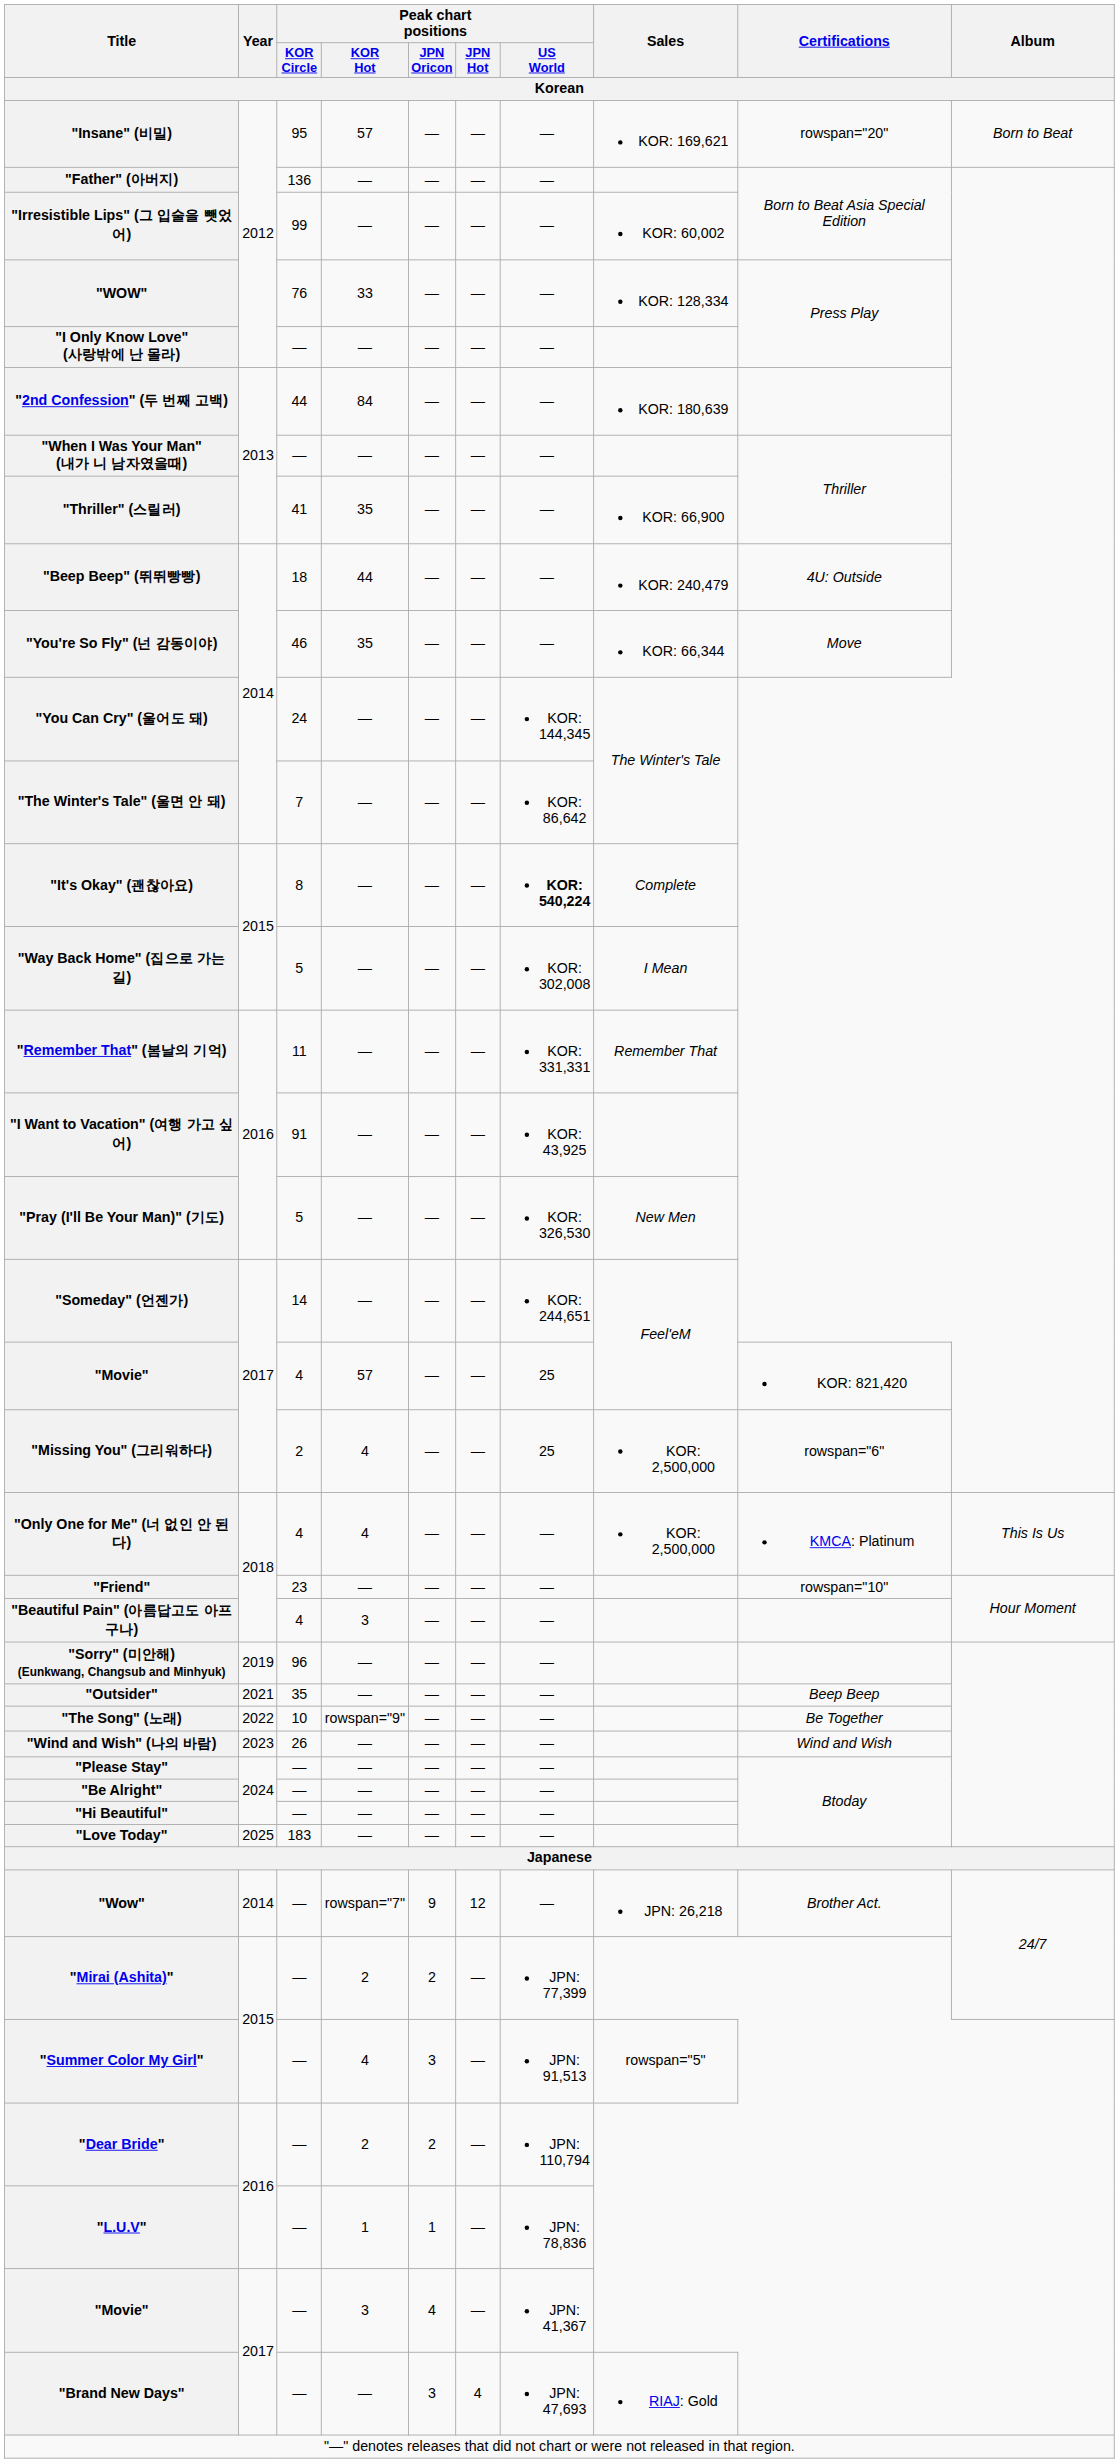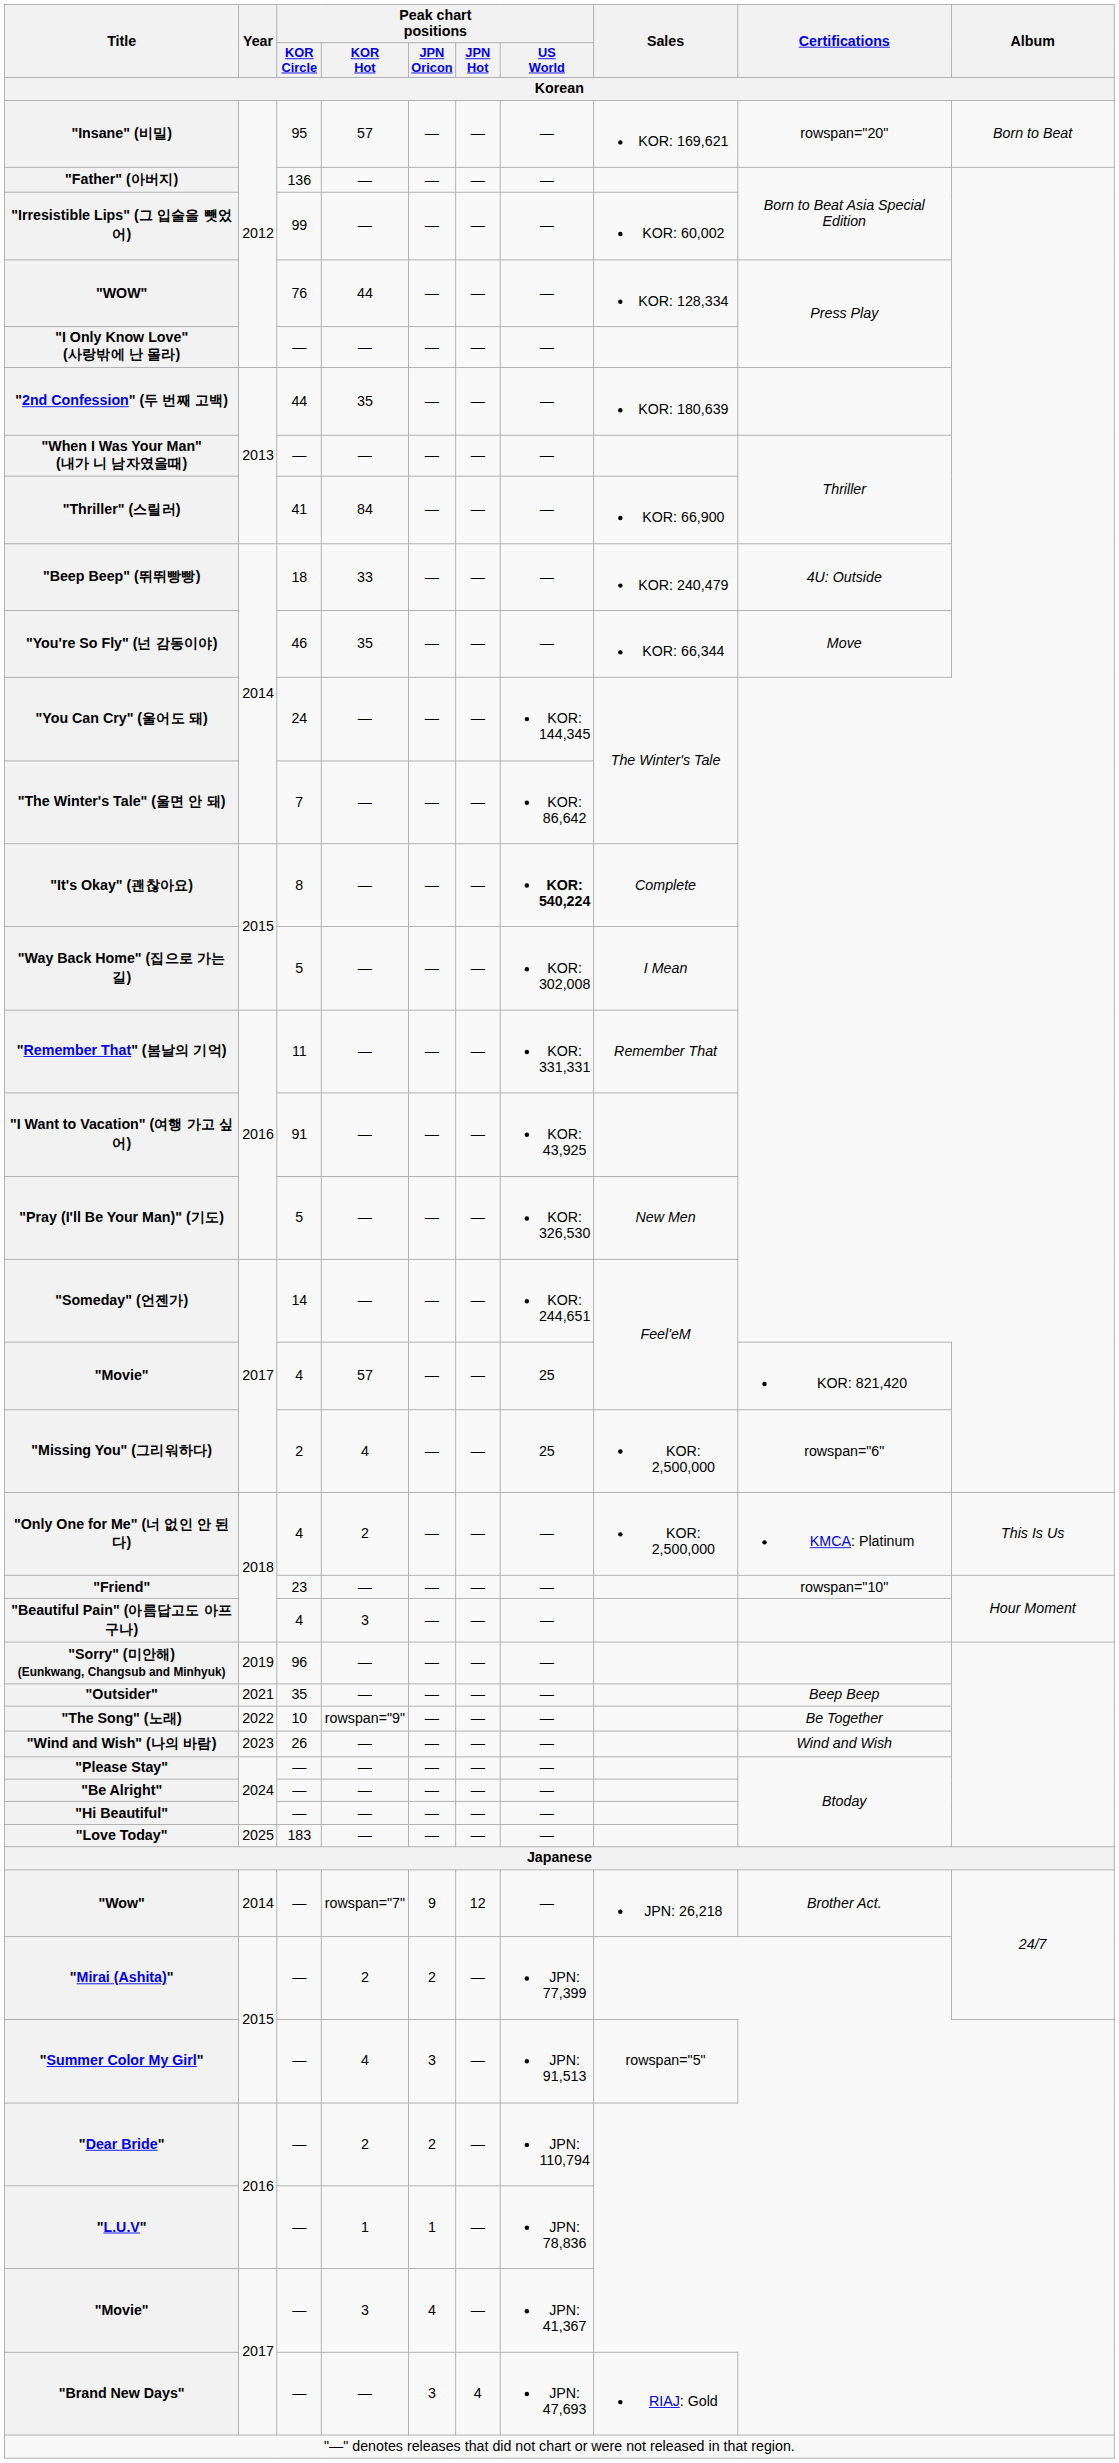 <table class="wikitable plainrowheaders" style="text-align:center">
 <tr>
 <th rowspan="2" scope="col" style="width:16em;">Title</th>
 <th scope="col" rowspan="2">Year</th>
 <th scope="col" colspan="5">Peak chart<br>positions</th>
 <th scope="col" rowspan="2">Sales<br></th>
 <th scope="col" rowspan="2"><a href='#'>Certifications</a></th>
 <th scope="col" rowspan="2" style="width:11em;">Album</th>
 </tr>
 <tr>
 <th scope="col" style="width:3em;font-size:90%;"><a href='#'>KOR<br>Circle</a><br></th>
 <th scope="col" style="width:3em;font-size:90%;"><a href='#'>KOR<br>Hot</a><br></th>
 <th scope="col" style="width:3em;font-size:90%;"><a href='#'>JPN<br>Oricon</a><br></th>
 <th scope="col" style="width:3em;font-size:90%;"><a href='#'>JPN<br>Hot</a><br></th>
 <th scope="col" style="width:3em;font-size:90%;"><a href='#'>US<br>World</a><br></th>
 </tr>
 <tr>
 <th colspan="10">Korean</th>
 </tr>
 <tr>
 <th scope="row">"Insane" (비밀)</th>
 <td rowspan="5">2012</td>
 <td>95</td>
 <td>57</td>
 <td>—</td>
 <td>—</td>
 <td>—</td>
 <td><br><ul><li>KOR: 169,621</li></ul></td>
 <td>rowspan="20" </td>
 <td><em>Born to Beat</em></td>
 </tr>
 <tr>
 <th scope="row">"Father" (아버지)</th>
 <td>136</td>
 <td>—</td>
 <td>—</td>
 <td>—</td>
 <td>—</td>
 <td></td>
 <td rowspan="2"><em>Born to Beat Asia Special Edition</em></td>
 </tr>
 <tr>
 <th scope="row">"Irresistible Lips" (그 입술을 뺏었어)</th>
 <td>99</td>
 <td>—</td>
 <td>—</td>
 <td>—</td>
 <td>—</td>
 <td><br><ul><li>KOR: 60,002</li></ul></td>
 </tr>
 <tr>
 <th scope="row">"WOW"</th>
 <td>76</td>
-<td>33</td>
+<td>44</td>
 <td>—</td>
 <td>—</td>
 <td>—</td>
 <td><br><ul><li>KOR: 128,334</li></ul></td>
 <td rowspan=2><em>Press Play</em></td>
 </tr>
 <tr>
 <th scope="row">"I Only Know Love" <br> (사랑밖에 난 몰라)</th>
 <td>—</td>
 <td>—</td>
 <td>—</td>
 <td>—</td>
 <td>—</td>
 <td></td>
 </tr>
 <tr>
 <th scope="row">"<a href='#'>2nd Confession</a>" (두 번째 고백)</th>
 <td rowspan="3">2013</td>
 <td>44</td>
-<td>84</td>
+<td>35</td>
 <td>—</td>
 <td>—</td>
 <td>—</td>
 <td><br><ul><li>KOR: 180,639</li></ul></td>
 <td></td>
 </tr>
 <tr>
 <th scope="row">"When I Was Your Man" <br> (내가 니 남자였을때)</th>
 <td>—</td>
 <td>—</td>
 <td>—</td>
 <td>—</td>
 <td>—</td>
 <td></td>
 <td rowspan=2><em>Thriller</em></td>
 </tr>
 <tr>
 <th scope="row">"Thriller" (스릴러)</th>
 <td>41</td>
-<td>35</td>
+<td>84</td>
 <td>—</td>
 <td>—</td>
 <td>—</td>
 <td><br><ul><li>KOR: 66,900</li></ul></td>
 </tr>
 <tr>
 <th scope="row">"Beep Beep" (뛰뛰빵빵)</th>
 <td rowspan="4">2014</td>
 <td>18</td>
-<td>44</td>
+<td>33</td>
 <td>—</td>
 <td>—</td>
 <td>—</td>
 <td><br><ul><li>KOR: 240,479</li></ul></td>
 <td><em>4U: Outside</em></td>
 </tr>
 <tr>
 <th scope="row">"You're So Fly" (넌 감동이야)</th>
 <td>46</td>
 <td>35</td>
 <td>—</td>
 <td>—</td>
 <td>—</td>
 <td><br><ul><li>KOR: 66,344</li></ul></td>
 <td><em>Move</em></td>
 </tr>
 <tr>
 <th scope="row">"You Can Cry" (울어도 돼)</th>
 <td>24</td>
 <td>—</td>
 <td>—</td>
 <td>—</td>
 <td><br><ul><li>KOR: 144,345</li></ul></td>
 <td rowspan="2"><em>The Winter's Tale</em></td>
 </tr>
 <tr>
 <th scope="row">"The Winter's Tale" (울면 안 돼)</th>
 <td>7</td>
 <td>—</td>
 <td>—</td>
 <td>—</td>
 <td><br><ul><li>KOR: 86,642</li></ul></td>
 </tr>
 <tr>
 <th scope="row">"It's Okay" (괜찮아요)</th>
 <td rowspan="2">2015</td>
 <td>8</td>
 <td>—</td>
 <td>—</td>
 <td>—</td>
 <td><strong><br><ul><li>KOR: 540,224</li></ul></strong></td>
 <td><em>Complete</em></td>
 </tr>
 <tr>
 <th scope="row">"Way Back Home" (집으로 가는 길)</th>
 <td>5</td>
 <td>—</td>
 <td>—</td>
 <td>—</td>
 <td><br><ul><li>KOR: 302,008</li></ul></td>
 <td><em>I Mean</em></td>
 </tr>
 <tr>
 <th scope="row">"<a href='#'>Remember That</a>" (봄날의 기억)</th>
 <td rowspan="3">2016</td>
 <td>11</td>
 <td>—</td>
 <td>—</td>
 <td>—</td>
 <td><br><ul><li>KOR: 331,331</li></ul></td>
 <td><em>Remember That</em></td>
 </tr>
 <tr>
 <th scope="row">"I Want to Vacation" (여행 가고 싶어)</th>
 <td>91</td>
 <td>—</td>
 <td>—</td>
 <td>—</td>
 <td><br><ul><li>KOR: 43,925</li></ul></td>
 <td></td>
 </tr>
 <tr>
 <th scope="row">"Pray (I'll Be Your Man)" (기도)</th>
 <td>5</td>
 <td>—</td>
 <td>—</td>
 <td>—</td>
 <td><br><ul><li>KOR: 326,530</li></ul></td>
 <td><em>New Men</em></td>
 </tr>
 <tr>
 <th scope="row">"Someday" (언젠가)</th>
 <td rowspan="3">2017</td>
 <td>14</td>
 <td>—</td>
 <td>—</td>
 <td>—</td>
 <td><br><ul><li>KOR: 244,651</li></ul></td>
 <td rowspan="2"><em>Feel'eM</em></td>
 </tr>
 <tr>
 <th scope="row">"Movie"</th>
 <td>4</td>
 <td>57</td>
 <td>—</td>
 <td>—</td>
 <td>25</td>
 <td><br><ul><li>KOR: 821,420</li></ul></td>
 </tr>
 <tr>
 <th scope="row">"Missing You" (그리워하다)</th>
 <td>2</td>
 <td>4</td>
 <td>—</td>
 <td>—</td>
 <td>25</td>
 <td><br><ul><li>KOR: 2,500,000</li></ul></td>
 <td>rowspan="6" </td>
 </tr>
 <tr>
 <th scope="row">"Only One for Me" (너 없인 안 된다)</th>
 <td rowspan="3">2018</td>
 <td>4</td>
-<td>4</td>
+<td>2</td>
 <td>—</td>
 <td>—</td>
 <td>—</td>
 <td><br><ul><li>KOR: 2,500,000</li></ul></td>
 <td><br><ul><li><a href='#'>KMCA</a>: Platinum</li></ul></td>
 <td><em>This Is Us</em></td>
 </tr>
 <tr>
 <th scope="row">"Friend"</th>
 <td>23</td>
 <td>—</td>
 <td>—</td>
 <td>—</td>
 <td>—</td>
 <td></td>
 <td>rowspan="10" </td>
 <td rowspan="2"><em>Hour Moment</em></td>
 </tr>
 <tr>
 <th scope="row">"Beautiful Pain" (아름답고도 아프구나)</th>
 <td>4</td>
 <td>3</td>
 <td>—</td>
 <td>—</td>
 <td>—</td>
 <td></td>
 </tr>
 <tr>
 <th scope="row">"Sorry" (미안해) <br> <small>(Eunkwang, Changsub and Minhyuk)</small></th>
 <td>2019</td>
 <td>96</td>
 <td>—</td>
 <td>—</td>
 <td>—</td>
 <td>—</td>
 <td></td>
 <td></td>
 </tr>
 <tr>
 <th scope="row">"Outsider"</th>
 <td>2021</td>
 <td>35</td>
 <td>—</td>
 <td>—</td>
 <td>—</td>
 <td>—</td>
 <td></td>
 <td><em>Beep Beep</em></td>
 </tr>
 <tr>
 <th scope="row">"The Song" (노래)</th>
 <td>2022</td>
 <td>10</td>
 <td>rowspan="9" </td>
 <td>—</td>
 <td>—</td>
 <td>—</td>
 <td></td>
 <td><em>Be Together</em></td>
 </tr>
 <tr>
 <th scope="row">"Wind and Wish" (나의 바람)</th>
 <td>2023</td>
 <td>26</td>
 <td>—</td>
 <td>—</td>
 <td>—</td>
 <td>—</td>
 <td></td>
 <td><em>Wind and Wish</em></td>
 </tr>
 <tr>
 <th scope="row">"Please Stay"</th>
 <td rowspan="3">2024</td>
 <td>—</td>
 <td>—</td>
 <td>—</td>
 <td>—</td>
 <td>—</td>
 <td></td>
 <td rowspan="4"><em>Btoday</em></td>
 </tr>
 <tr>
 <th scope="row">"Be Alright"</th>
 <td>—</td>
 <td>—</td>
 <td>—</td>
 <td>—</td>
 <td>—</td>
 <td></td>
 </tr>
 <tr>
 <th scope="row">"Hi Beautiful"</th>
 <td>—</td>
 <td>—</td>
 <td>—</td>
 <td>—</td>
 <td>—</td>
 <td></td>
 </tr>
 <tr>
 <th scope="row">"Love Today"</th>
 <td>2025</td>
 <td>183</td>
 <td>—</td>
 <td>—</td>
 <td>—</td>
 <td>—</td>
 <td></td>
 </tr>
 <tr>
 <th colspan="10">Japanese</th>
 </tr>
 <tr>
 <th scope="row">"Wow"</th>
 <td>2014</td>
 <td>—</td>
 <td>rowspan="7" </td>
 <td>9</td>
 <td>12</td>
 <td>—</td>
 <td><br><ul><li>JPN: 26,218 </li></ul></td>
 <td><em>Brother Act.</em></td>
 <td rowspan="2"><em>24/7</em></td>
 </tr>
 <tr>
 <th scope="row">"<a href='#'>Mirai (Ashita)</a>"</th>
 <td style="text-align:center" rowspan="2">2015</td>
 <td>—</td>
 <td>2</td>
 <td>2</td>
 <td>—</td>
 <td><br><ul><li>JPN: 77,399 </li></ul></td>
 </tr>
 <tr>
 <th scope="row">"<a href='#'>Summer Color My Girl</a>"</th>
 <td>—</td>
 <td>4</td>
 <td>3</td>
 <td>—</td>
 <td><br><ul><li>JPN: 91,513 </li></ul></td>
 <td>rowspan="5" </td>
 </tr>
 <tr>
 <th scope="row">"<a href='#'>Dear Bride</a>"</th>
 <td rowspan ="2">2016</td>
 <td>—</td>
 <td>2</td>
 <td>2</td>
 <td>—</td>
 <td><br><ul><li>JPN: 110,794 </li></ul></td>
 </tr>
 <tr>
 <th scope="row">"<a href='#'>L.U.V</a>"</th>
 <td>—</td>
 <td>1</td>
 <td>1</td>
 <td>—</td>
 <td><br><ul><li>JPN: 78,836 </li></ul></td>
 </tr>
 <tr>
 <th scope="row">"Movie"</th>
 <td rowspan="2">2017</td>
 <td>—</td>
 <td>3</td>
 <td>4</td>
 <td>—</td>
 <td><br><ul><li>JPN: 41,367 </li></ul></td>
 </tr>
 <tr>
 <th scope="row">"Brand New Days"</th>
 <td>—</td>
 <td>—</td>
 <td>3</td>
 <td>4</td>
 <td><br><ul><li>JPN: 47,693 </li></ul></td>
 <td><br><ul><li><a href='#'>RIAJ</a>: Gold</li></ul></td>
 </tr>
 <tr>
 <td colspan="10">"—" denotes releases that did not chart or were not released in that region.</td>
 </tr>
 </table>
